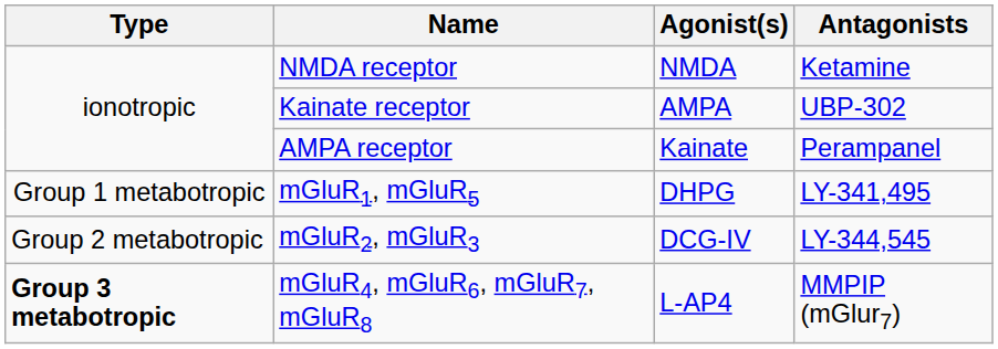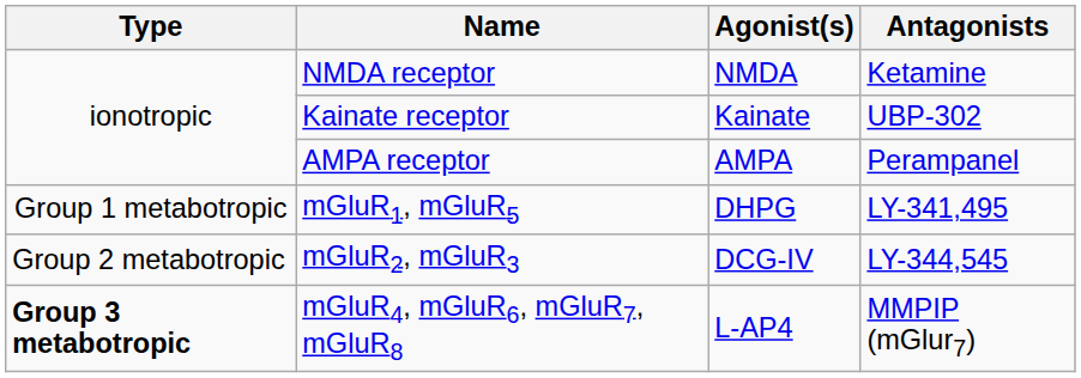 <table class="wikitable">
 <tr>
 <th>Type</th>
 <th>Name</th>
 <th>Agonist(s)</th>
 <th>Antagonists</th>
 </tr>
 <tr>
 <td rowspan="3" align="center">ionotropic</td>
 <td><a href='#'>NMDA receptor</a></td>
 <td><a href='#'>NMDA</a></td>
 <td><a href='#'>Ketamine</a></td>
 </tr>
 <tr>
 <td><a href='#'>Kainate receptor</a></td>
-<td><a href='#'>AMPA</a></td>
+<td><a href='#'>Kainate</a></td>
 <td><a href='#'>UBP-302</a></td>
 </tr>
 <tr>
 <td><a href='#'>AMPA receptor</a></td>
-<td><a href='#'>Kainate</a></td>
+<td><a href='#'>AMPA</a></td>
 <td><a href='#'>Perampanel</a></td>
 </tr>
 <tr>
 <td align="center">Group 1 metabotropic</td>
 <td><a href='#'>mGluR<sub>1</sub></a>, <a href='#'>mGluR<sub>5</sub></a></td>
 <td><a href='#'>DHPG</a></td>
 <td><a href='#'>LY-341,495</a></td>
 </tr>
 <tr>
 <td>Group 2 metabotropic</td>
 <td><a href='#'>mGluR<sub>2</sub></a>, <a href='#'>mGluR<sub>3</sub></a></td>
 <td><a href='#'>DCG-IV</a></td>
 <td><a href='#'>LY-344,545</a></td>
 </tr>
 <tr>
 <td><strong>Group 3 metabotropic</strong></td>
 <td><a href='#'>mGluR<sub>4</sub></a>, <a href='#'>mGluR<sub>6</sub></a>, <a href='#'>mGluR<sub>7</sub></a>, <a href='#'>mGluR<sub>8</sub></a></td>
 <td><a href='#'>L-AP4</a></td>
 <td><a href='#'>MMPIP</a> (mGlur<sub>7</sub>)</td>
 </tr>
 </table>
